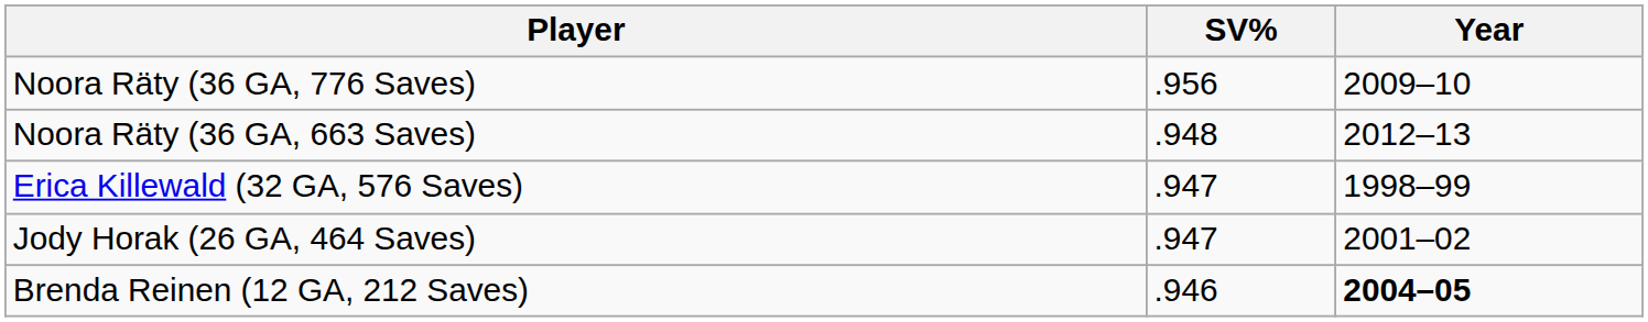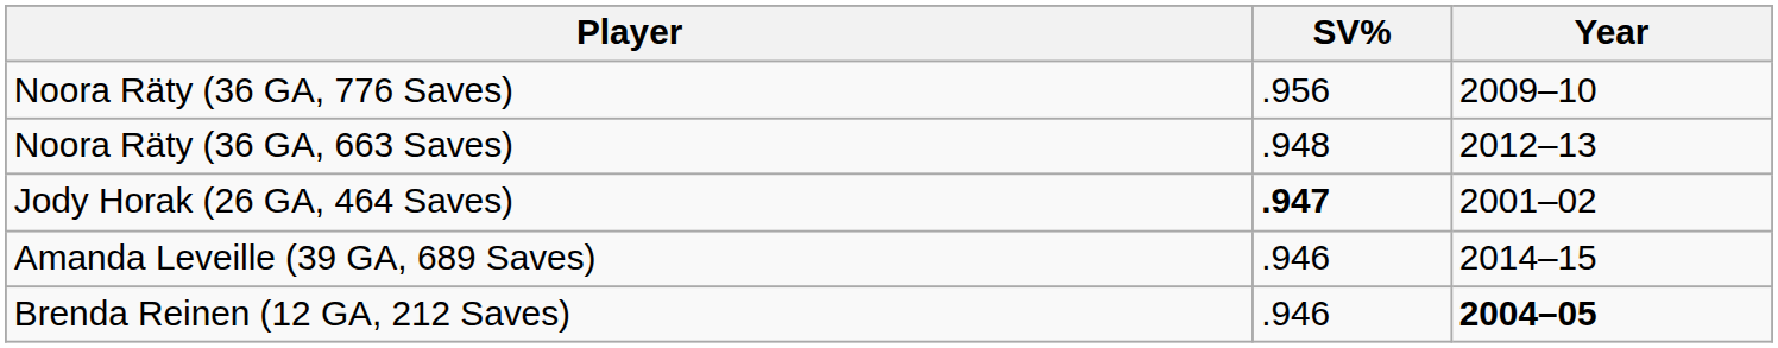 <table class="wikitable" style="width: 50em">
 <tr>
 <th>Player</th>
 <th>SV%</th>
 <th>Year</th>
 </tr>
 <tr>
 <td>Noora Räty (36 GA, 776 Saves)</td>
 <td>.956</td>
 <td>2009–10</td>
 </tr>
 <tr>
 <td>Noora Räty (36 GA, 663 Saves)</td>
 <td>.948</td>
 <td>2012–13</td>
 </tr>
 <tr>
-<td><a href='#'>Erica Killewald</a> (32 GA, 576 Saves)</td>
-<td>.947</td>
-<td>1998–99</td>
+<td>Jody Horak (26 GA, 464 Saves)</td>
+<td><strong>.947</strong></td>
+<td>2001–02</td>
 </tr>
 <tr>
-<td>Jody Horak (26 GA, 464 Saves)</td>
-<td>.947</td>
-<td>2001–02</td>
+<td>Amanda Leveille (39 GA, 689 Saves)</td>
+<td>.946</td>
+<td>2014–15</td>
 </tr>
 <tr>
 <td>Brenda Reinen (12 GA, 212 Saves)</td>
 <td>.946</td>
 <td><strong>2004–05</strong></td>
 </tr>
 </table>
